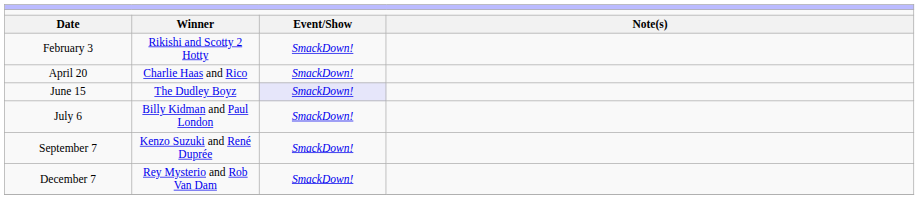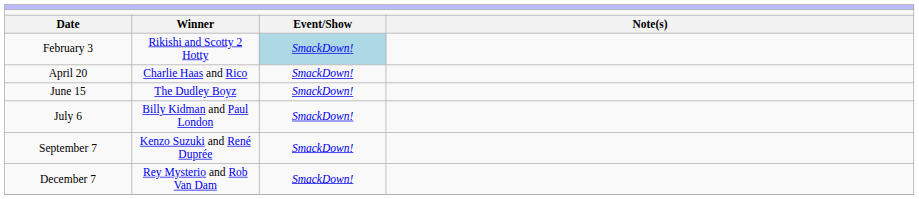 <table class="wikitable" style="text-align:center; width:100%;">
 <tr style="background:#BBF;">
 <td colspan="5"></td>
 </tr>
 <tr>
 <td colspan="5"><strong></strong></td>
 </tr>
 <tr>
 <th width=14%>Date</th>
 <th width=14%>Winner</th>
 <th width=14%>Event/Show</th>
 <th width=58%>Note(s)</th>
 </tr>
 <tr>
 <td>February 3<br></td>
 <td><a href='#'>Rikishi and Scotty 2 Hotty</a></td>
-<td><em><a href='#'>SmackDown!</a></em></td>
+<td style="background: lightblue;"><em><a href='#'>SmackDown!</a></em></td>
 <td></td>
 </tr>
 <tr>
 <td>April 20<br></td>
 <td><a href='#'>Charlie Haas</a> and <a href='#'>Rico</a></td>
 <td><em><a href='#'>SmackDown!</a></em></td>
 <td></td>
 </tr>
 <tr>
 <td>June 15<br></td>
 <td><a href='#'>The Dudley Boyz</a><br></td>
-<td style="background: lavender;"><em><a href='#'>SmackDown!</a></em></td>
+<td><em><a href='#'>SmackDown!</a></em></td>
 <td></td>
 </tr>
 <tr>
 <td>July 6<br></td>
 <td><a href='#'>Billy Kidman</a> and <a href='#'>Paul London</a></td>
 <td><em><a href='#'>SmackDown!</a></em></td>
 <td></td>
 </tr>
 <tr>
 <td>September 7<br></td>
 <td><a href='#'>Kenzo Suzuki</a> and <a href='#'>René Duprée</a></td>
 <td><em><a href='#'>SmackDown!</a></em></td>
 <td></td>
 </tr>
 <tr>
 <td>December 7<br></td>
 <td><a href='#'>Rey Mysterio</a> and <a href='#'>Rob Van Dam</a></td>
 <td><em><a href='#'>SmackDown!</a></em></td>
 <td></td>
 </tr>
 <tr>
 </tr>
 </table>
